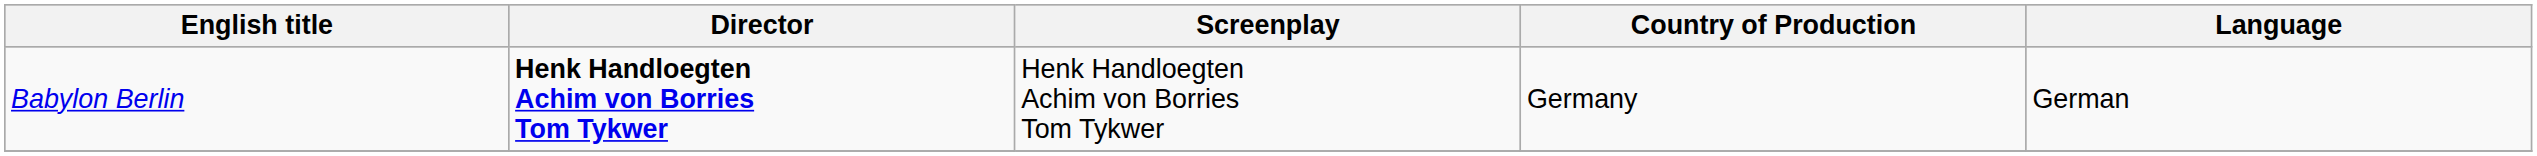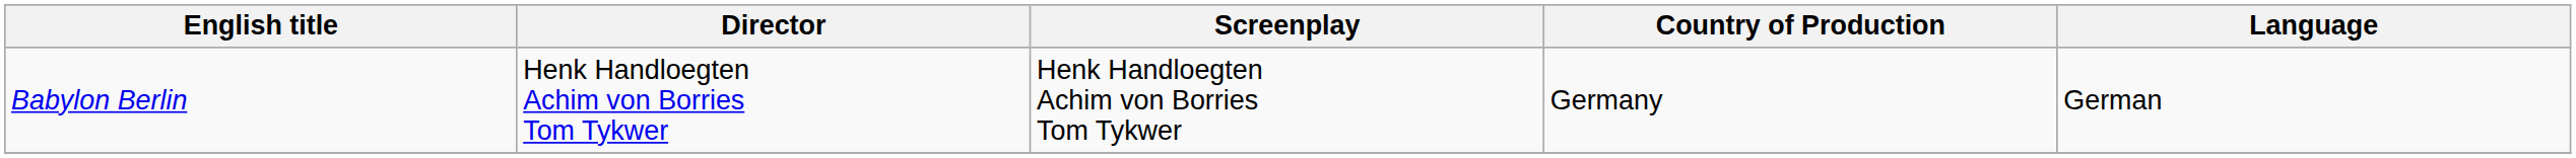 <table class="wikitable" width="95%" cellpadding="5">
 <tr>
 <th width="300"><strong>English title</strong></th>
 <th width="300"><strong>Director</strong></th>
 <th width="300"><strong>Screenplay</strong></th>
 <th width="300"><strong>Country of Production</strong></th>
 <th width="300"><strong>Language</strong></th>
 </tr>
 <tr>
 <td><em><a href='#'>Babylon Berlin</a></em></td>
-<td><strong>  Henk Handloegten<br>  <a href='#'>Achim von Borries</a><br>  <a href='#'>Tom Tykwer</a></strong></td>
+<td>  Henk Handloegten<br>  <a href='#'>Achim von Borries</a><br>  <a href='#'>Tom Tykwer</a></td>
 <td> Henk Handloegten<br>  Achim von Borries<br>  Tom Tykwer</td>
 <td>Germany</td>
 <td>German</td>
 </tr>
 <tr>
 </tr>
 </table>
